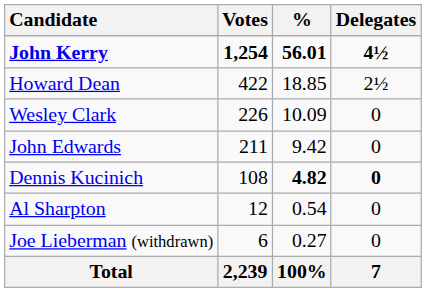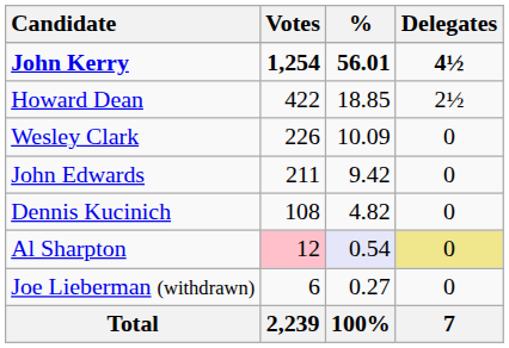 <table class="wikitable sortable plainrowheaders" style="text-align:right;">
 <tr>
 <th style="text-align:left;">Candidate</th>
 <th>Votes</th>
 <th>%</th>
 <th>Delegates</th>
 </tr>
 <tr>
 </tr>
 <tr>
 <td style="text-align:left;"><strong><a href='#'>John Kerry</a></strong></td>
 <td><strong>1,254</strong></td>
 <td><strong>56.01</strong></td>
 <td style="text-align:center;"><strong>4½</strong></td>
 </tr>
 <tr>
 <td style="text-align:left;"><a href='#'>Howard Dean</a></td>
 <td>422</td>
 <td>18.85</td>
 <td style="text-align:center;">2½</td>
 </tr>
 <tr>
 <td style="text-align:left;"><a href='#'>Wesley Clark</a></td>
 <td>226</td>
 <td>10.09</td>
 <td style="text-align:center;">0</td>
 </tr>
 <tr>
 <td style="text-align:left;"><a href='#'>John Edwards</a></td>
 <td>211</td>
 <td>9.42</td>
 <td style="text-align:center;">0</td>
 </tr>
 <tr>
 <td style="text-align:left;"><a href='#'>Dennis Kucinich</a></td>
 <td>108</td>
-<td><strong>4.82</strong></td>
-<td style="text-align:center;"><strong>0</strong></td>
+<td>4.82</td>
+<td style="text-align:center;">0</td>
 </tr>
 <tr>
 <td style="text-align:left;"><a href='#'>Al Sharpton</a></td>
-<td>12</td>
-<td>0.54</td>
-<td style="text-align:center;">0</td>
+<td style="background: pink;">12</td>
+<td style="background: lavender;">0.54</td>
+<td style="background: khaki; text-align:center;">0</td>
 </tr>
 <tr>
 <td style="text-align:left;"><a href='#'>Joe Lieberman</a> <small>(withdrawn)</small></td>
 <td>6</td>
 <td>0.27</td>
 <td style="text-align:center;">0</td>
 </tr>
 <tr class="sortbottom">
 <th>Total</th>
 <th>2,239</th>
 <th>100%</th>
 <th>7</th>
 </tr>
 </table>
